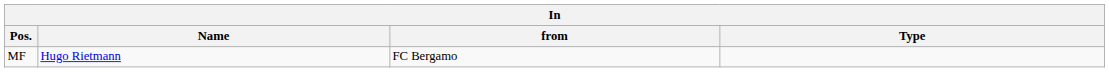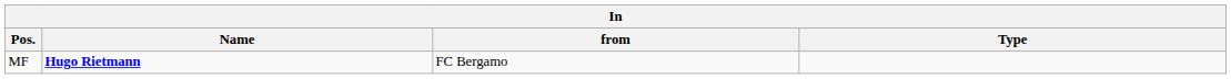 <table class="wikitable" style="font-size:90%;width:99%;">
 <tr>
 <th colspan="4">In</th>
 </tr>
 <tr>
 <th width=3%>Pos.</th>
 <th width=32%>Name</th>
 <th width=30%>from</th>
 <th width=35%>Type</th>
 </tr>
 <tr>
 <td>MF</td>
-<td><a href='#'>Hugo Rietmann</a></td>
+<td><strong><a href='#'>Hugo Rietmann</a></strong></td>
 <td>FC Bergamo</td>
 <td></td>
 </tr>
 </table>
